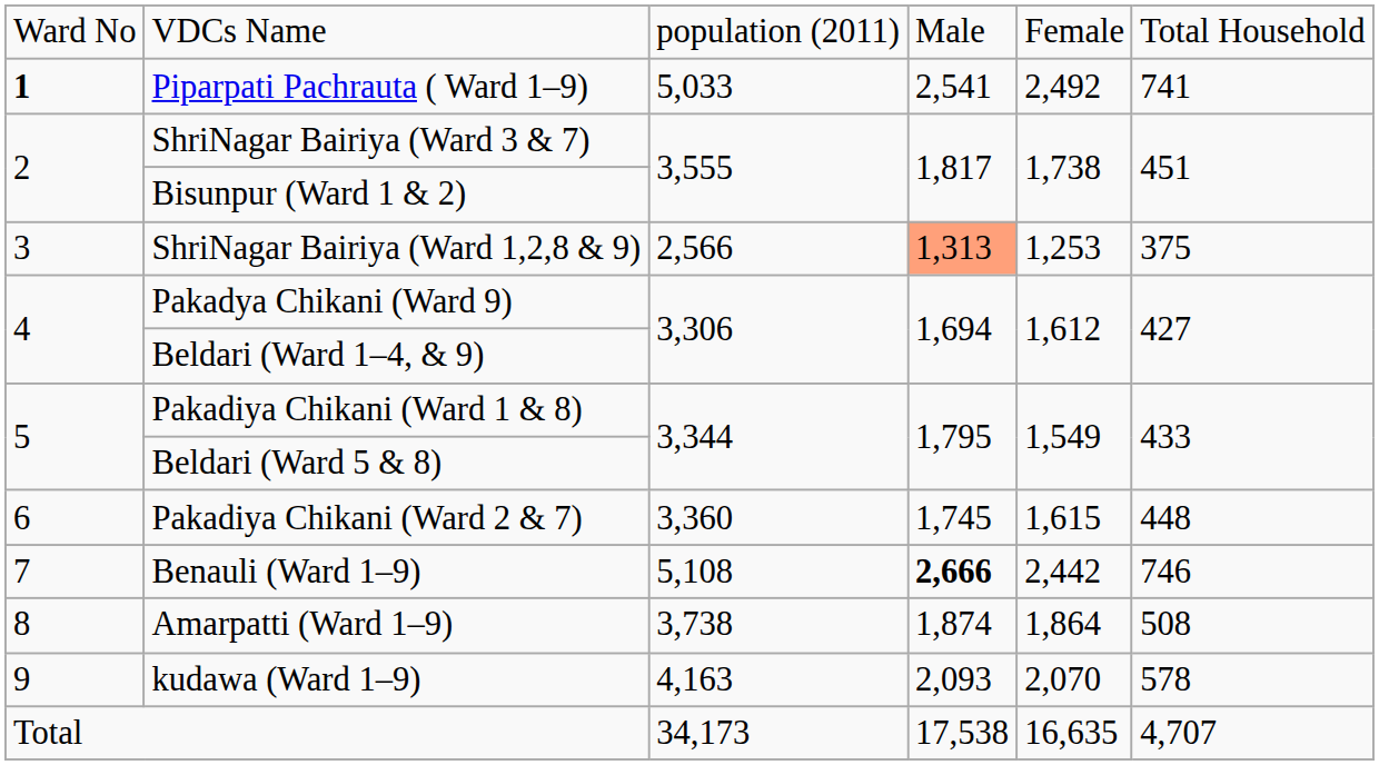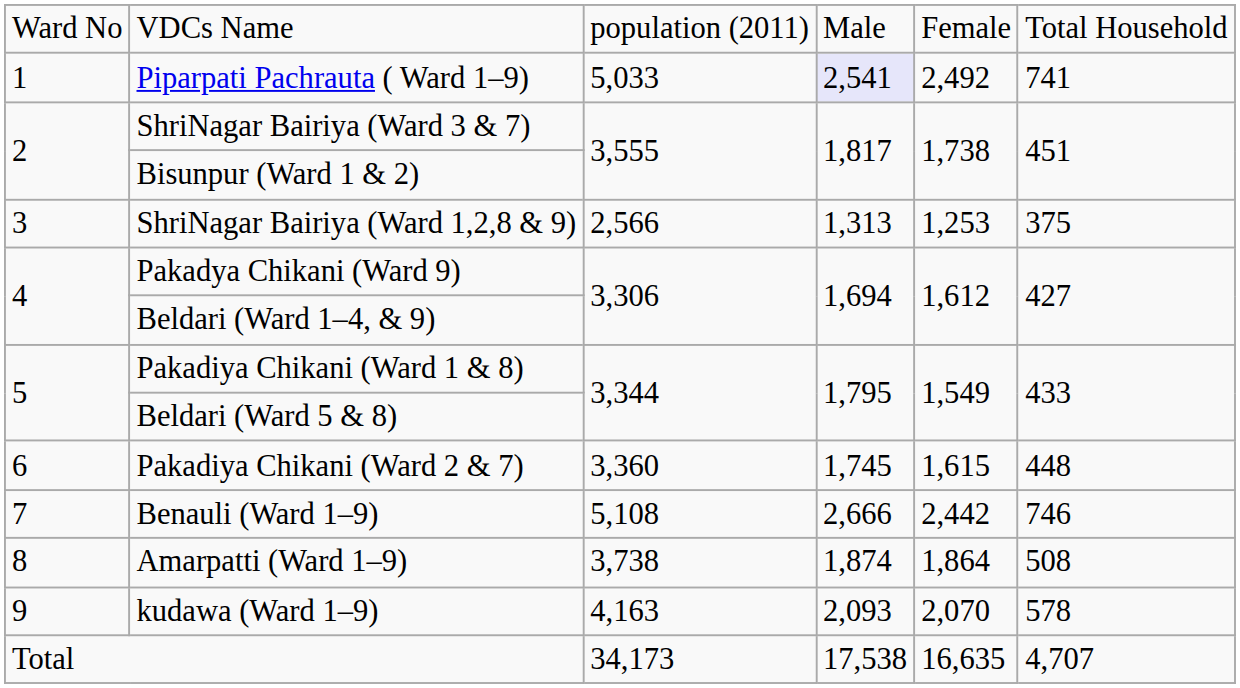 <table class="wikitable">
 <tr>
 <td>Ward No</td>
 <td>VDCs Name</td>
 <td>population  (2011)</td>
 <td>Male</td>
 <td>Female</td>
 <td>Total Household</td>
 </tr>
 <tr>
-<td><strong>1</strong></td>
+<td>1</td>
 <td><a href='#'>Piparpati Pachrauta</a> ( Ward 1–9)</td>
 <td>5,033</td>
-<td>2,541</td>
+<td style="background: lavender;">2,541</td>
 <td>2,492</td>
 <td>741</td>
 </tr>
 <tr>
 <td rowspan="2">2</td>
 <td>ShriNagar  Bairiya (Ward 3 & 7)</td>
 <td rowspan="2">3,555</td>
 <td rowspan="2">1,817</td>
 <td rowspan="2">1,738</td>
 <td rowspan="2">451</td>
 </tr>
 <tr>
 <td>Bisunpur (Ward 1 & 2)</td>
 </tr>
 <tr>
 <td>3</td>
 <td>ShriNagar  Bairiya (Ward 1,2,8 & 9)</td>
 <td>2,566</td>
-<td style="background: lightsalmon;">1,313</td>
+<td>1,313</td>
 <td>1,253</td>
 <td>375</td>
 </tr>
 <tr>
 <td rowspan="2">4</td>
 <td>Pakadya  Chikani (Ward 9)</td>
 <td rowspan="2">3,306</td>
 <td rowspan="2">1,694</td>
 <td rowspan="2">1,612</td>
 <td rowspan="2">427</td>
 </tr>
 <tr>
 <td>Beldari (Ward 1–4, & 9)</td>
 </tr>
 <tr>
 <td rowspan="2">5</td>
 <td>Pakadiya  Chikani (Ward 1 & 8)</td>
 <td rowspan="2">3,344</td>
 <td rowspan="2">1,795</td>
 <td rowspan="2">1,549</td>
 <td rowspan="2">433</td>
 </tr>
 <tr>
 <td>Beldari (Ward 5 & 8)</td>
 </tr>
 <tr>
 <td>6</td>
 <td>Pakadiya  Chikani (Ward 2 & 7)</td>
 <td>3,360</td>
 <td>1,745</td>
 <td>1,615</td>
 <td>448</td>
 </tr>
 <tr>
 <td>7</td>
 <td>Benauli (Ward 1–9)</td>
 <td>5,108</td>
-<td><strong>2,666</strong></td>
+<td>2,666</td>
 <td>2,442</td>
 <td>746</td>
 </tr>
 <tr>
 <td>8</td>
 <td>Amarpatti (Ward 1–9)</td>
 <td>3,738</td>
 <td>1,874</td>
 <td>1,864</td>
 <td>508</td>
 </tr>
 <tr>
 <td>9</td>
 <td>kudawa (Ward 1–9)</td>
 <td>4,163</td>
 <td>2,093</td>
 <td>2,070</td>
 <td>578</td>
 </tr>
 <tr>
 <td colspan="2">Total</td>
 <td>34,173</td>
 <td>17,538</td>
 <td>16,635</td>
 <td>4,707</td>
 </tr>
 </table>
